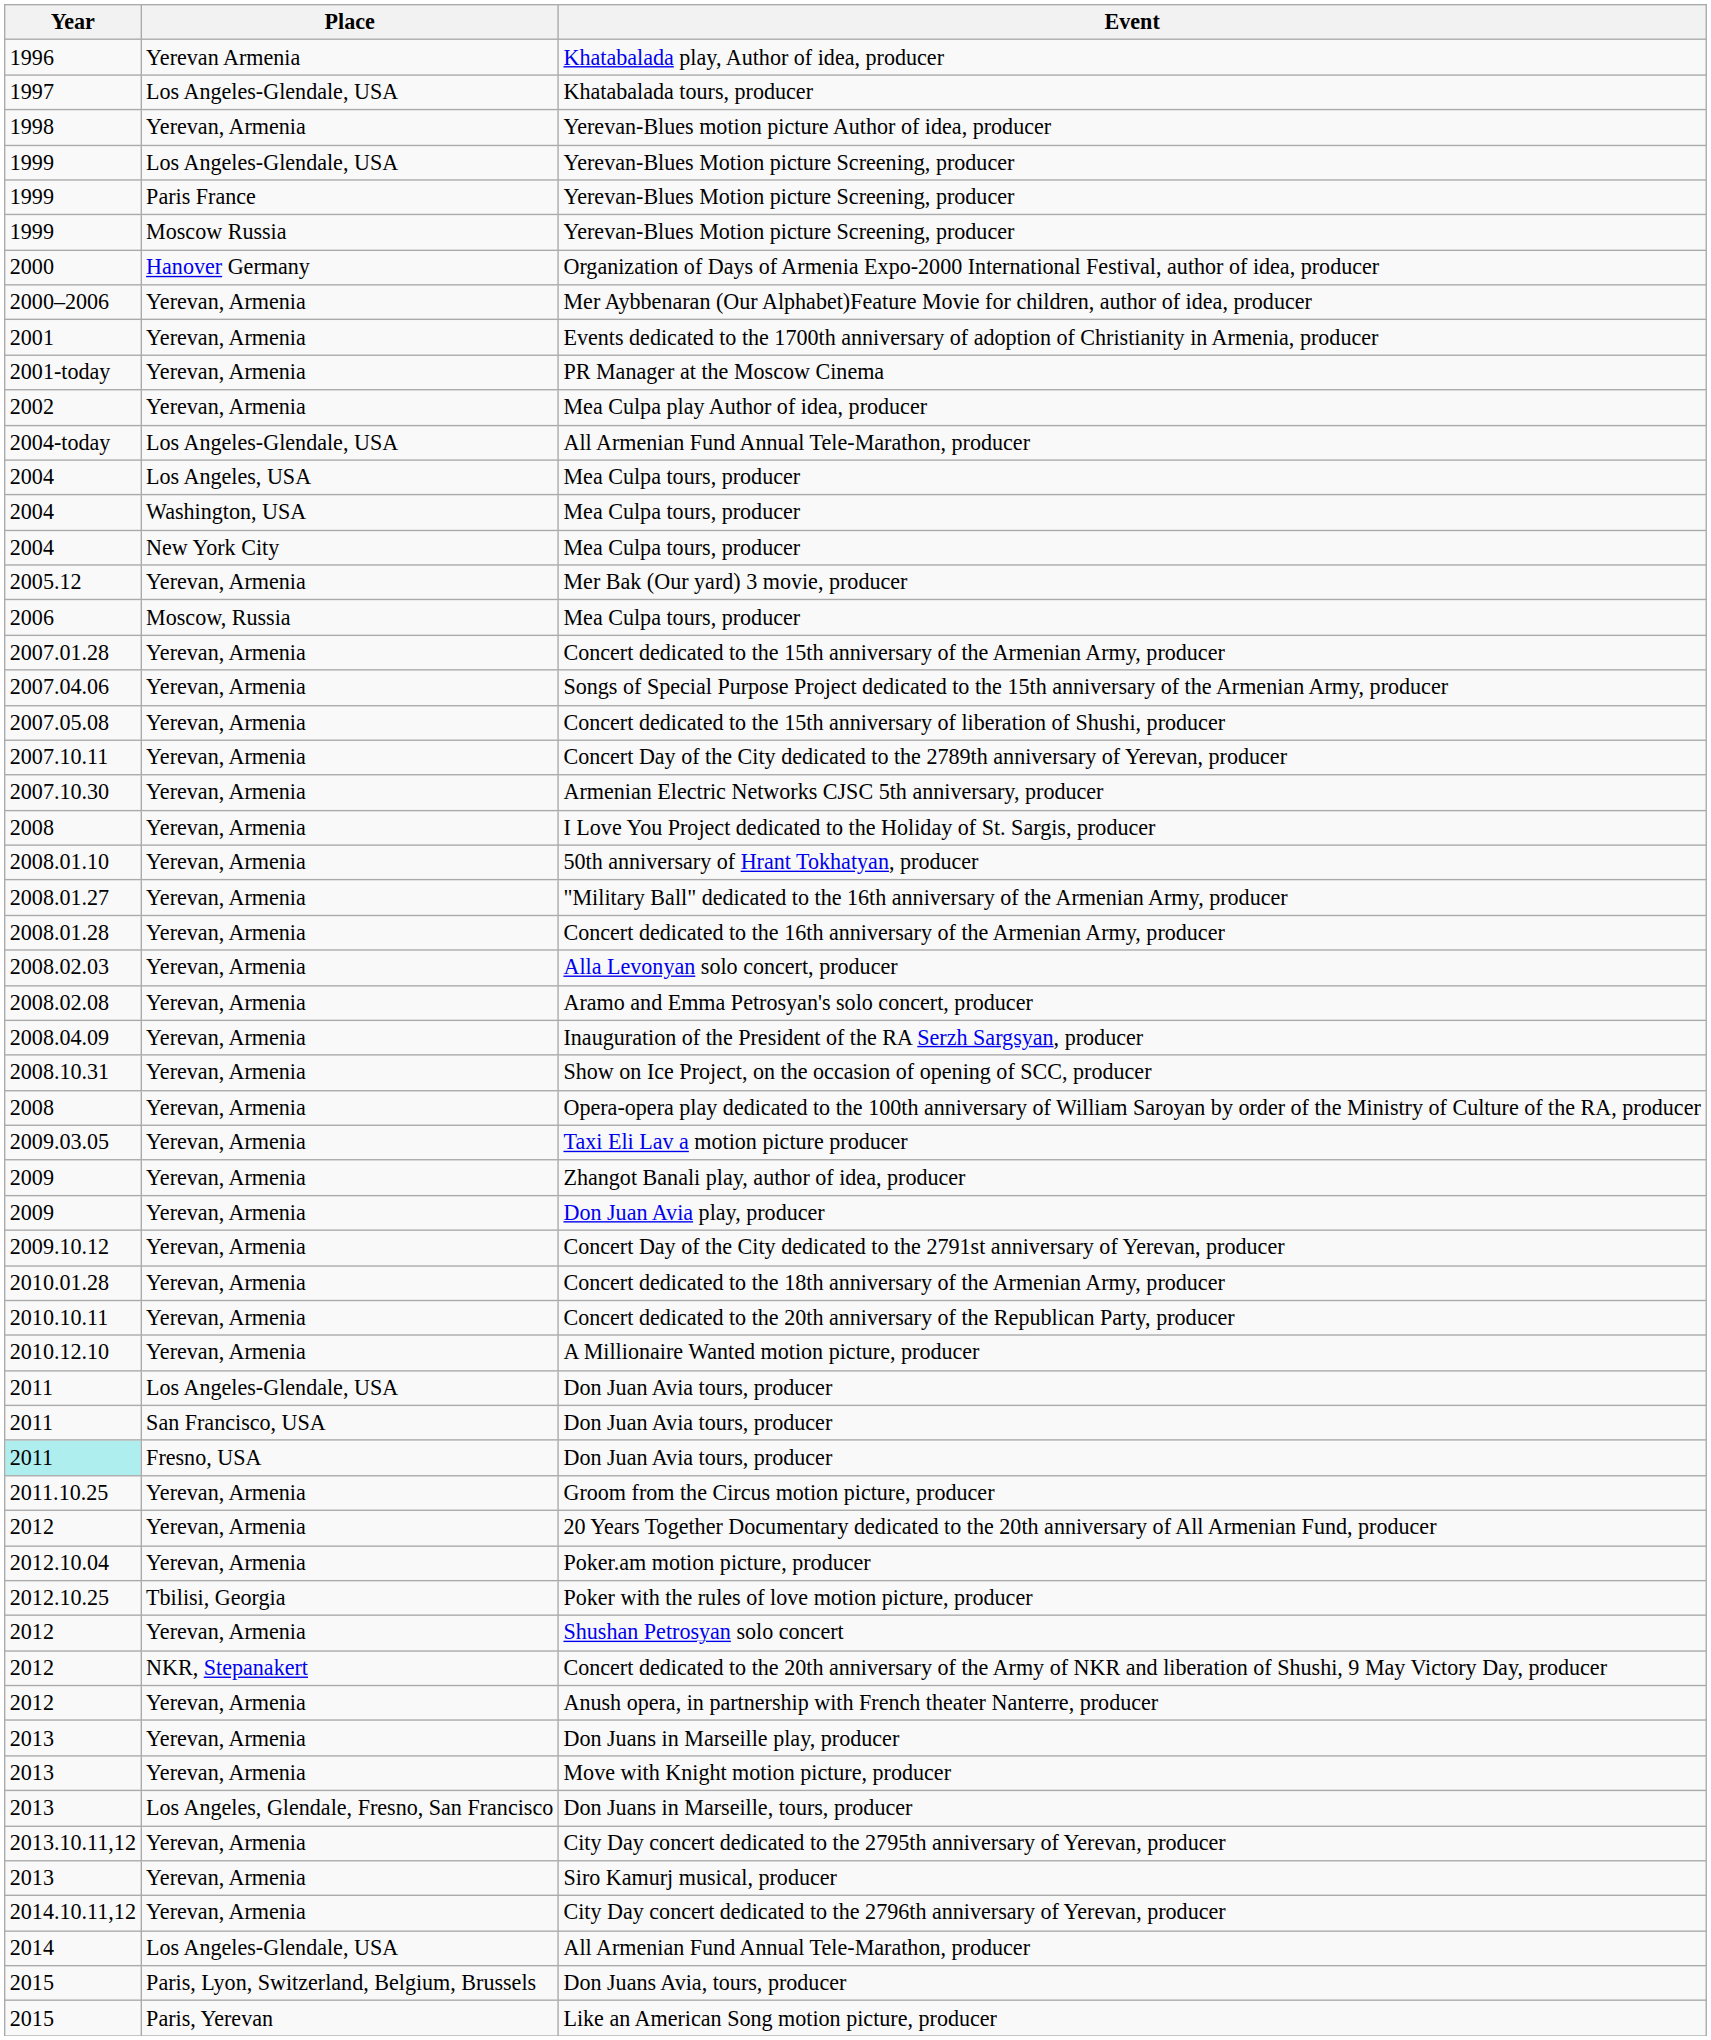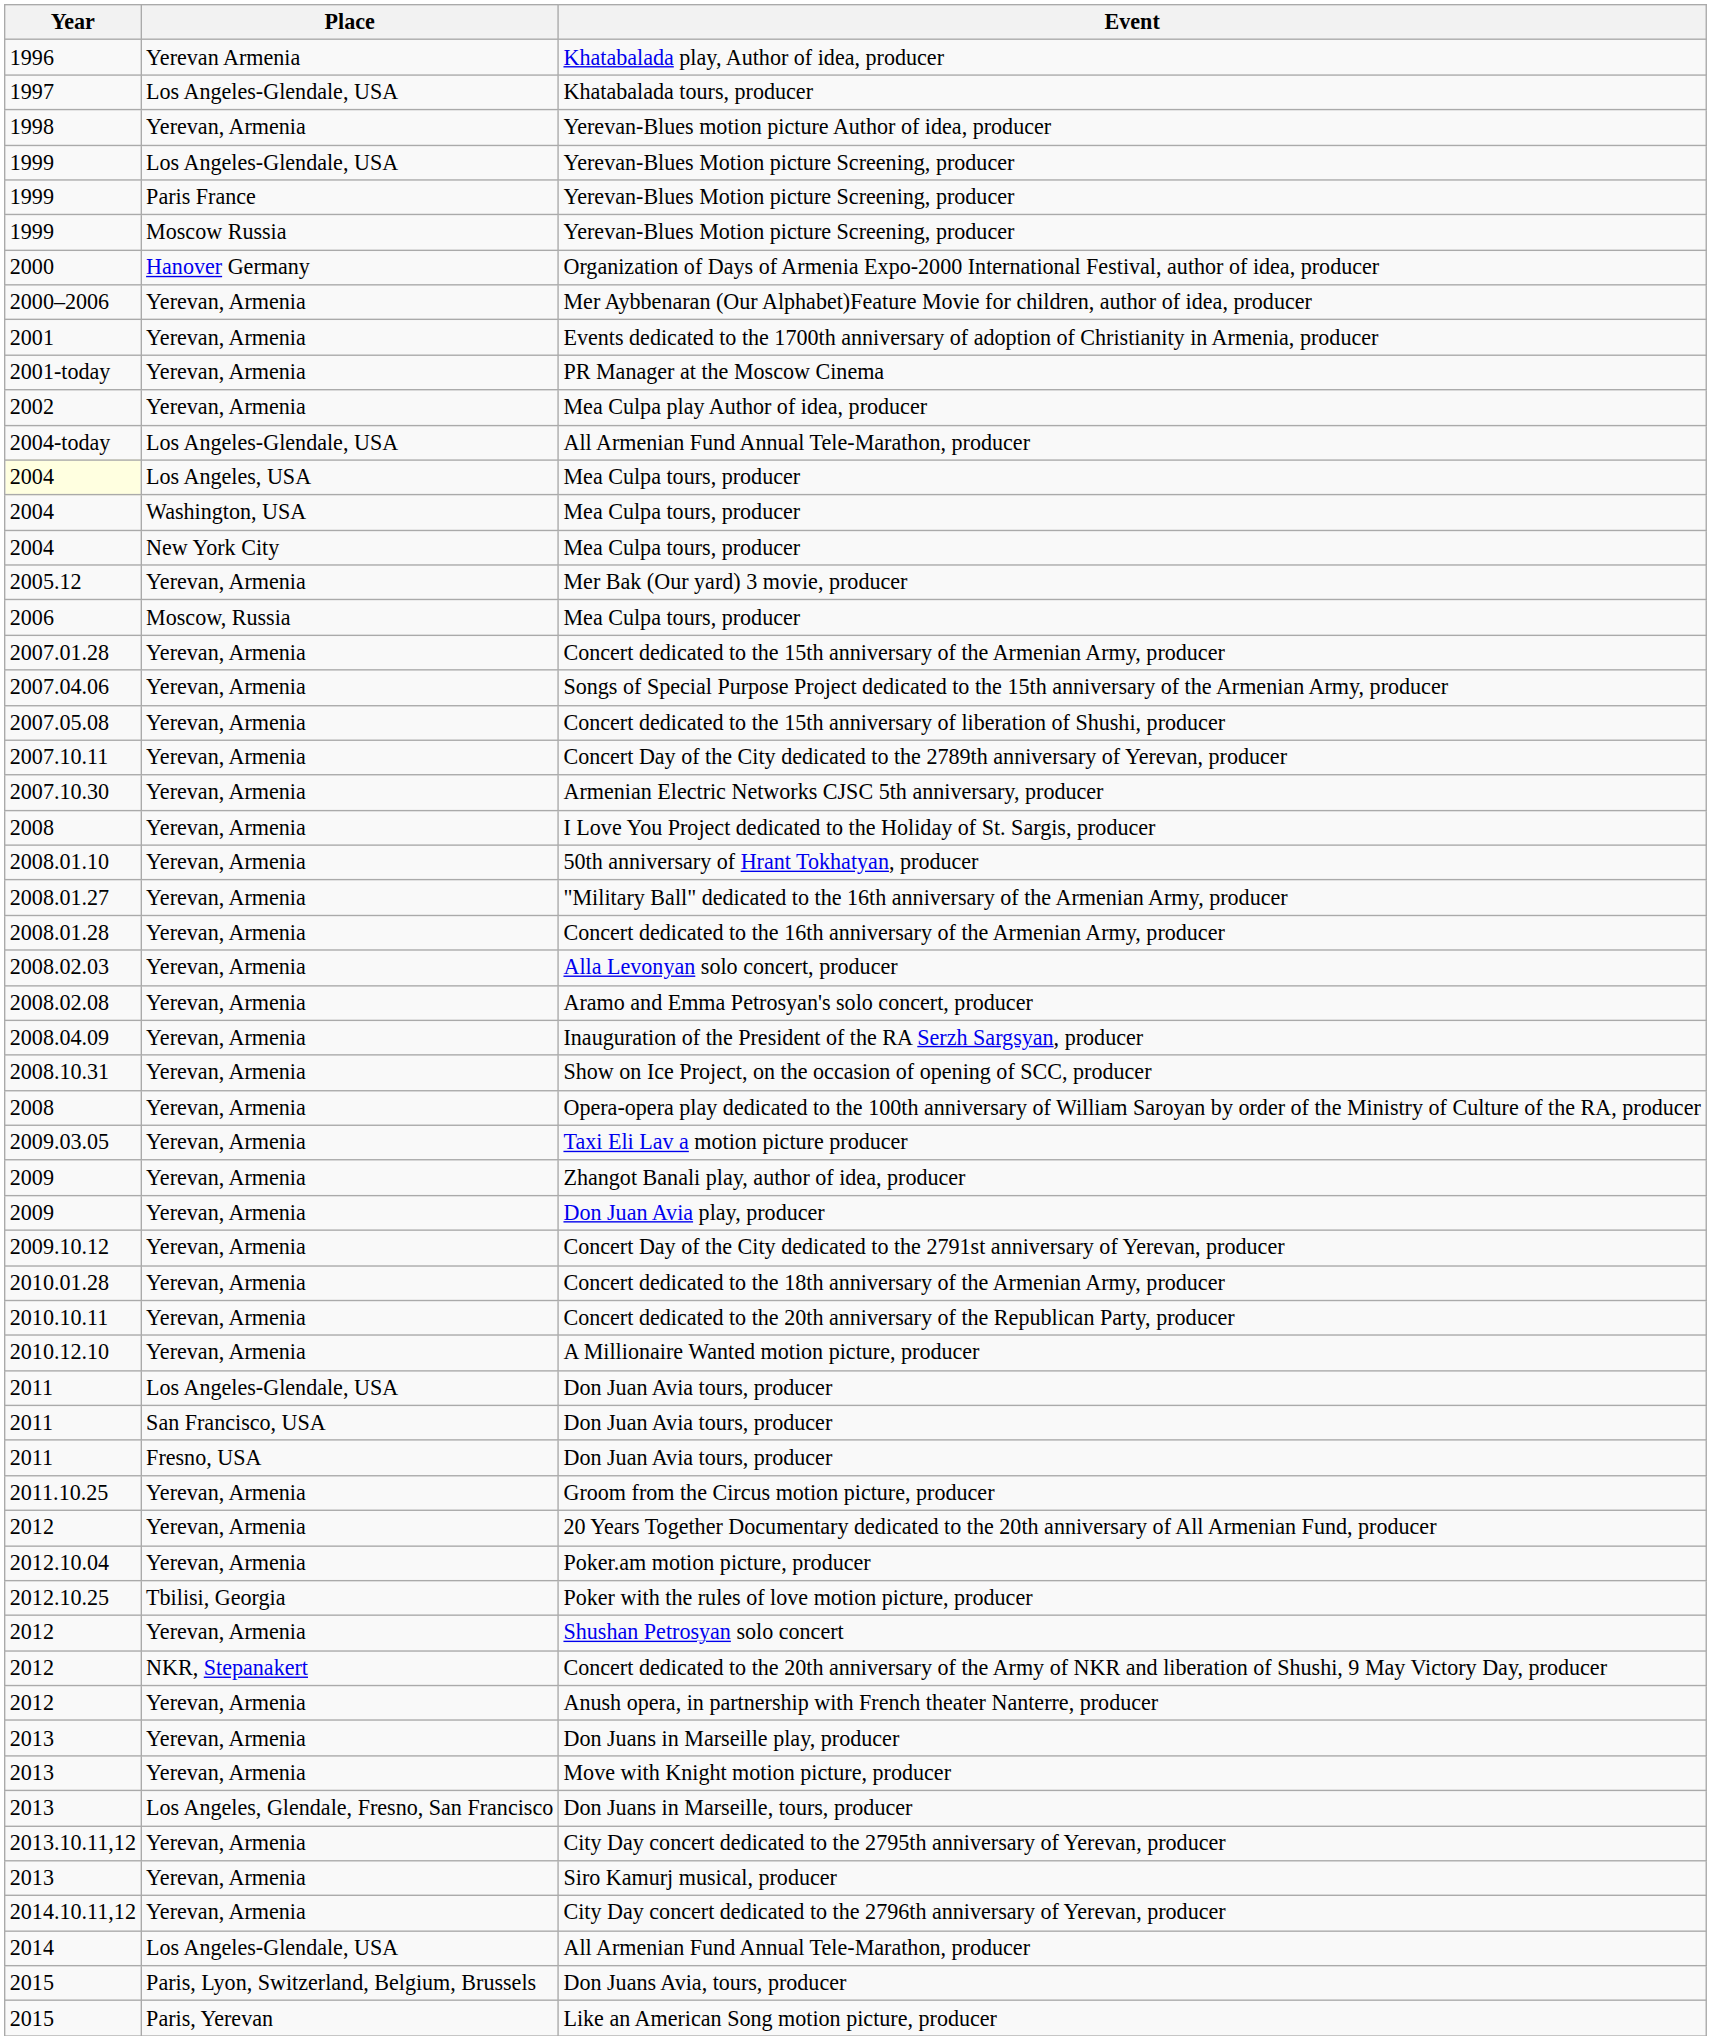 <table class="wikitable sortable">
 <tr>
 <th>Year</th>
 <th>Place</th>
 <th>Event</th>
 </tr>
 <tr>
 <td>1996</td>
 <td>Yerevan Armenia</td>
 <td><a href='#'>Khatabalada</a> play, Author of idea, producer</td>
 </tr>
 <tr>
 <td>1997</td>
 <td>Los Angeles-Glendale, USA</td>
 <td>Khatabalada tours, producer</td>
 </tr>
 <tr>
 <td>1998</td>
 <td>Yerevan, Armenia</td>
 <td>Yerevan-Blues motion picture Author of idea, producer</td>
 </tr>
 <tr>
 <td>1999</td>
 <td>Los Angeles-Glendale, USA</td>
 <td>Yerevan-Blues Motion picture Screening, producer</td>
 </tr>
 <tr>
 <td>1999</td>
 <td>Paris France</td>
 <td>Yerevan-Blues Motion picture Screening, producer</td>
 </tr>
 <tr>
 <td>1999</td>
 <td>Moscow Russia</td>
 <td>Yerevan-Blues Motion picture Screening, producer</td>
 </tr>
 <tr>
 <td>2000</td>
 <td><a href='#'>Hanover</a> Germany</td>
 <td>Organization of Days of Armenia Expo-2000 International Festival, author of idea, producer</td>
 </tr>
 <tr>
 <td>2000–2006</td>
 <td>Yerevan, Armenia</td>
 <td>Mer Aybbenaran (Our Alphabet)Feature Movie for children, author of idea, producer</td>
 </tr>
 <tr>
 <td>2001</td>
 <td>Yerevan, Armenia</td>
 <td>Events dedicated to the 1700th anniversary of adoption of Christianity in Armenia, producer</td>
 </tr>
 <tr>
 <td>2001-today</td>
 <td>Yerevan, Armenia</td>
 <td>PR Manager at the Moscow Cinema</td>
 </tr>
 <tr>
 <td>2002</td>
 <td>Yerevan, Armenia</td>
 <td>Mea Culpa play Author of idea, producer</td>
 </tr>
 <tr>
 <td>2004-today</td>
 <td>Los Angeles-Glendale, USA</td>
 <td>All Armenian Fund Annual Tele-Marathon, producer</td>
 </tr>
 <tr>
-<td>2004</td>
+<td style="background: lightyellow;">2004</td>
 <td>Los Angeles, USA</td>
 <td>Mea Culpa tours, producer</td>
 </tr>
 <tr>
 <td>2004</td>
 <td>Washington, USA</td>
 <td>Mea Culpa tours, producer</td>
 </tr>
 <tr>
 <td>2004</td>
 <td>New York City</td>
 <td>Mea Culpa tours, producer</td>
 </tr>
 <tr>
 <td>2005.12</td>
 <td>Yerevan, Armenia</td>
 <td>Mer Bak (Our yard) 3 movie, producer</td>
 </tr>
 <tr>
 <td>2006</td>
 <td>Moscow, Russia</td>
 <td>Mea Culpa tours, producer</td>
 </tr>
 <tr>
 <td>2007.01.28</td>
 <td>Yerevan, Armenia</td>
 <td>Concert dedicated to the 15th anniversary of the Armenian Army, producer</td>
 </tr>
 <tr>
 <td>2007.04.06</td>
 <td>Yerevan, Armenia</td>
 <td>Songs of Special Purpose Project dedicated to the 15th anniversary of the Armenian Army, producer</td>
 </tr>
 <tr>
 <td>2007.05.08</td>
 <td>Yerevan, Armenia</td>
 <td>Concert dedicated to the 15th anniversary of liberation of Shushi, producer</td>
 </tr>
 <tr>
 <td>2007.10.11</td>
 <td>Yerevan, Armenia</td>
 <td>Concert Day of the City dedicated to the 2789th anniversary of Yerevan, producer</td>
 </tr>
 <tr>
 <td>2007.10.30</td>
 <td>Yerevan, Armenia</td>
 <td>Armenian Electric Networks CJSC 5th anniversary, producer</td>
 </tr>
 <tr>
 <td>2008</td>
 <td>Yerevan, Armenia</td>
 <td>I Love You Project dedicated to the Holiday of St. Sargis, producer</td>
 </tr>
 <tr>
 <td>2008.01.10</td>
 <td>Yerevan, Armenia</td>
 <td>50th anniversary of <a href='#'>Hrant Tokhatyan</a>, producer</td>
 </tr>
 <tr>
 <td>2008.01.27</td>
 <td>Yerevan, Armenia</td>
 <td>"Military Ball" dedicated to the 16th anniversary of the Armenian Army, producer</td>
 </tr>
 <tr>
 <td>2008.01.28</td>
 <td>Yerevan, Armenia</td>
 <td>Concert dedicated to the 16th anniversary of the Armenian Army, producer</td>
 </tr>
 <tr>
 <td>2008.02.03</td>
 <td>Yerevan, Armenia</td>
 <td><a href='#'>Alla Levonyan</a> solo concert, producer</td>
 </tr>
 <tr>
 <td>2008.02.08</td>
 <td>Yerevan, Armenia</td>
 <td>Aramo and Emma Petrosyan's solo concert, producer</td>
 </tr>
 <tr>
 <td>2008.04.09</td>
 <td>Yerevan, Armenia</td>
 <td>Inauguration of the President of the RA <a href='#'>Serzh Sargsyan</a>, producer</td>
 </tr>
 <tr>
 <td>2008.10.31</td>
 <td>Yerevan, Armenia</td>
 <td>Show on Ice Project, on the occasion of opening of SCC, producer</td>
 </tr>
 <tr>
 <td>2008</td>
 <td>Yerevan, Armenia</td>
 <td>Opera-opera play dedicated to the 100th anniversary of William Saroyan by order of the Ministry of Culture of the RA, producer</td>
 </tr>
 <tr>
 <td>2009.03.05</td>
 <td>Yerevan, Armenia</td>
 <td><a href='#'>Taxi Eli Lav a</a> motion picture producer</td>
 </tr>
 <tr>
 <td>2009</td>
 <td>Yerevan, Armenia</td>
 <td>Zhangot Banali play, author of idea, producer</td>
 </tr>
 <tr>
 <td>2009</td>
 <td>Yerevan, Armenia</td>
 <td><a href='#'>Don Juan Avia</a> play, producer</td>
 </tr>
 <tr>
 <td>2009.10.12</td>
 <td>Yerevan, Armenia</td>
 <td>Concert Day of the City dedicated to the 2791st anniversary of Yerevan, producer</td>
 </tr>
 <tr>
 <td>2010.01.28</td>
 <td>Yerevan, Armenia</td>
 <td>Concert dedicated to the 18th anniversary of the Armenian Army, producer</td>
 </tr>
 <tr>
 <td>2010.10.11</td>
 <td>Yerevan, Armenia</td>
 <td>Concert dedicated to the 20th anniversary of the Republican Party, producer</td>
 </tr>
 <tr>
 <td>2010.12.10</td>
 <td>Yerevan, Armenia</td>
 <td>A Millionaire Wanted motion picture, producer</td>
 </tr>
 <tr>
 <td>2011</td>
 <td>Los Angeles-Glendale, USA</td>
 <td>Don Juan Avia tours, producer</td>
 </tr>
 <tr>
 <td>2011</td>
 <td>San Francisco, USA</td>
 <td>Don Juan Avia tours, producer</td>
 </tr>
 <tr>
-<td style="background: paleturquoise;">2011</td>
+<td>2011</td>
 <td>Fresno, USA</td>
 <td>Don Juan Avia tours, producer</td>
 </tr>
 <tr>
 <td>2011.10.25</td>
 <td>Yerevan, Armenia</td>
 <td>Groom from the Circus motion picture, producer</td>
 </tr>
 <tr>
 <td>2012</td>
 <td>Yerevan, Armenia</td>
 <td>20 Years Together Documentary dedicated to the 20th anniversary of All Armenian Fund, producer</td>
 </tr>
 <tr>
 <td>2012.10.04</td>
 <td>Yerevan, Armenia</td>
 <td>Poker.am motion picture, producer</td>
 </tr>
 <tr>
 <td>2012.10.25</td>
 <td>Tbilisi, Georgia</td>
 <td>Poker with the rules of love motion picture, producer</td>
 </tr>
 <tr>
 <td>2012</td>
 <td>Yerevan, Armenia</td>
 <td><a href='#'>Shushan Petrosyan</a> solo concert</td>
 </tr>
 <tr>
 <td>2012</td>
 <td>NKR, <a href='#'>Stepanakert</a></td>
 <td>Concert dedicated to the 20th anniversary of the Army of NKR and liberation of Shushi, 9 May Victory Day, producer</td>
 </tr>
 <tr>
 <td>2012</td>
 <td>Yerevan, Armenia</td>
 <td>Anush opera, in partnership with French theater Nanterre, producer</td>
 </tr>
 <tr>
 <td>2013</td>
 <td>Yerevan, Armenia</td>
 <td>Don Juans in Marseille play, producer</td>
 </tr>
 <tr>
 <td>2013</td>
 <td>Yerevan, Armenia</td>
 <td>Move with Knight motion picture, producer</td>
 </tr>
 <tr>
 <td>2013</td>
 <td>Los Angeles, Glendale, Fresno, San Francisco</td>
 <td>Don Juans in Marseille, tours, producer</td>
 </tr>
 <tr>
 <td>2013.10.11,12</td>
 <td>Yerevan, Armenia</td>
 <td>City Day concert dedicated to the 2795th anniversary of Yerevan, producer</td>
 </tr>
 <tr>
 <td>2013</td>
 <td>Yerevan, Armenia</td>
 <td>Siro Kamurj musical, producer</td>
 </tr>
 <tr>
 <td>2014.10.11,12</td>
 <td>Yerevan, Armenia</td>
 <td>City Day concert dedicated to the 2796th anniversary of Yerevan, producer</td>
 </tr>
 <tr>
 <td>2014</td>
 <td>Los Angeles-Glendale, USA</td>
 <td>All Armenian Fund Annual Tele-Marathon, producer</td>
 </tr>
 <tr>
 <td>2015</td>
 <td>Paris, Lyon, Switzerland, Belgium, Brussels</td>
 <td>Don Juans Avia, tours, producer</td>
 </tr>
 <tr>
 <td>2015</td>
 <td>Paris, Yerevan</td>
 <td>Like an American Song motion picture, producer</td>
 </tr>
 </table>
